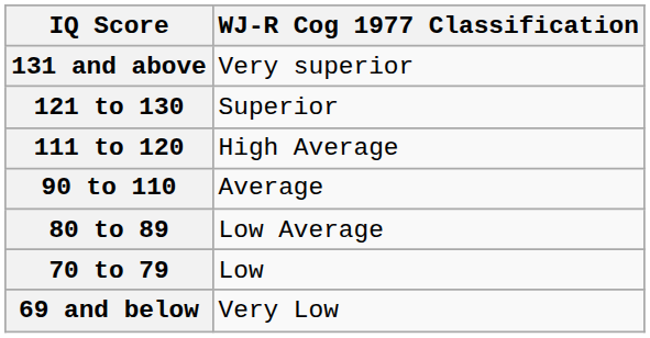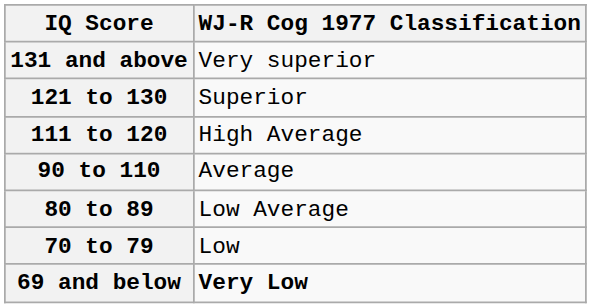 <table class="wikitable">
 <tr>
 <th>IQ Score</th>
 <th>WJ-R Cog 1977 Classification</th>
 </tr>
 <tr>
 <th>131 and above</th>
 <td>Very superior</td>
 </tr>
 <tr>
 <th>121 to 130</th>
 <td>Superior</td>
 </tr>
 <tr>
 <th>111 to 120</th>
 <td>High Average</td>
 </tr>
 <tr>
 <th>90 to 110</th>
 <td>Average</td>
 </tr>
 <tr>
 <th>80 to 89</th>
 <td>Low Average</td>
 </tr>
 <tr>
 <th>70 to 79</th>
 <td>Low</td>
 </tr>
 <tr>
 <th>69 and below</th>
-<td>Very Low</td>
+<td><strong>Very Low</strong></td>
 </tr>
 </table>
